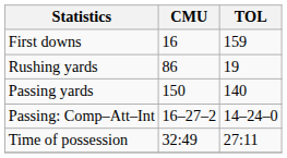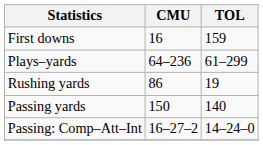 <table class="wikitable" style="float: left;">
 <tr>
 <th>Statistics</th>
 <th>CMU</th>
 <th>TOL</th>
 </tr>
 <tr>
 <td>First downs</td>
 <td>16</td>
 <td>159</td>
+</tr>
+<tr>
+<td>Plays–yards</td>
+<td>64–236</td>
+<td>61–299</td>
 </tr>
 <tr>
 <td>Rushing yards</td>
 <td>86</td>
 <td>19</td>
 </tr>
 <tr>
 <td>Passing yards</td>
 <td>150</td>
 <td>140</td>
 </tr>
 <tr>
 <td>Passing: Comp–Att–Int</td>
 <td>16–27–2</td>
 <td>14–24–0</td>
 </tr>
 <tr>
-<td>Time of possession</td>
-<td>32:49</td>
-<td>27:11</td>
-</tr>
-<tr>
 </tr>
 </table>
